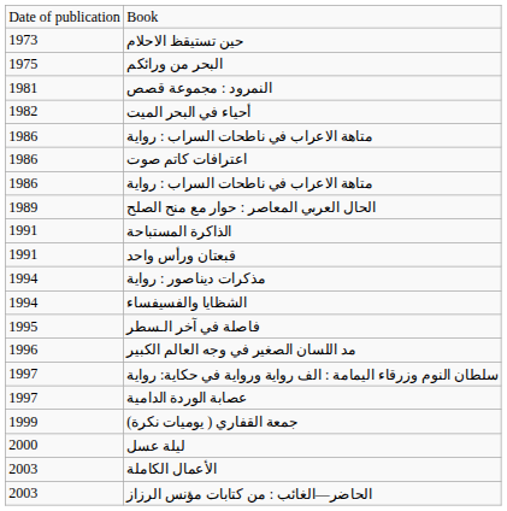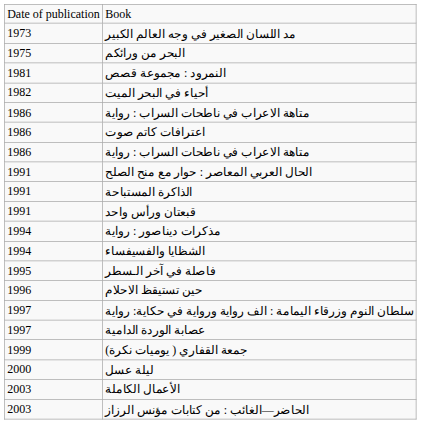 <table class="wikitable">
 <tr>
 <td>Date of publication</td>
 <td>Book</td>
 </tr>
 <tr>
 <td>1973</td>
-<td>حين تستيقظ الاحلام</td>
+<td>مد اللسان الصغير في وجه العالم  الكبير</td>
 </tr>
 <tr>
 <td>1975</td>
 <td>البحر من ورائكم</td>
 </tr>
 <tr>
 <td>1981</td>
 <td>النمرود : مجموعة قصص</td>
 </tr>
 <tr>
 <td>1982</td>
 <td>أحياء في البحر الميت</td>
 </tr>
 <tr>
 <td>1986</td>
 <td>متاهة الاعراب في ناطحات السراب :  رواية</td>
 </tr>
 <tr>
 <td>1986</td>
 <td>اعترافات كاتم صوت</td>
 </tr>
 <tr>
 <td>1986</td>
 <td>متاهة الاعراب في ناطحات السراب :  رواية</td>
 </tr>
 <tr>
-<td>1989</td>
+<td>1991</td>
 <td>الحال العربي المعاصر : حوار مع  منح الصلح</td>
 </tr>
 <tr>
 <td>1991</td>
 <td>الذاكرة المستباحة</td>
 </tr>
 <tr>
 <td>1991</td>
 <td>قبعتان ورأس واحد</td>
 </tr>
 <tr>
 <td>1994</td>
 <td>مذكرات ديناصور : رواية</td>
 </tr>
 <tr>
 <td>1994</td>
 <td>الشظايا والفسيفساء</td>
 </tr>
 <tr>
 <td>1995</td>
 <td>فاصلة في آخر الـسطر</td>
 </tr>
 <tr>
 <td>1996</td>
-<td>مد اللسان الصغير في وجه العالم  الكبير</td>
+<td>حين تستيقظ الاحلام</td>
 </tr>
 <tr>
 <td>1997</td>
 <td>سلطان النوم وزرقاء اليمامة : الف  رواية ورواية في حكاية: رواية</td>
 </tr>
 <tr>
 <td>1997</td>
 <td>عصابة الوردة الدامية</td>
 </tr>
 <tr>
 <td>1999</td>
 <td>(جمعة القفاري ( يوميات نكرة</td>
 </tr>
 <tr>
 <td>2000</td>
 <td>ليلة عسل</td>
 </tr>
 <tr>
 <td>2003</td>
 <td>الأعمال الكاملة</td>
 </tr>
 <tr>
 <td>2003</td>
 <td>الحاضر—الغائب : من كتابات مؤنس  الرزاز</td>
 </tr>
 </table>
